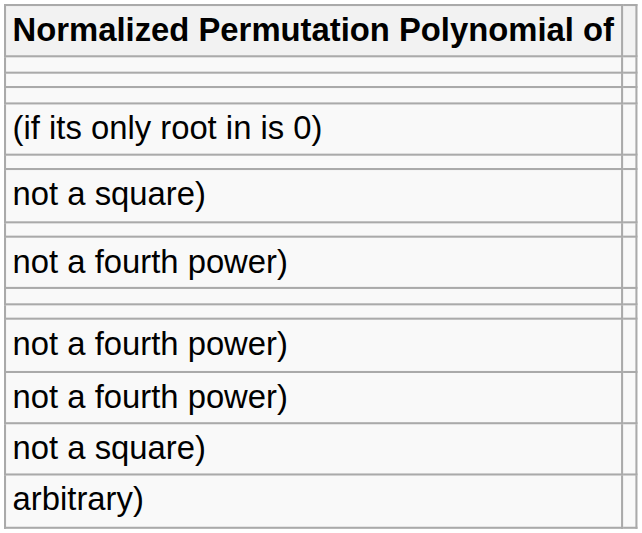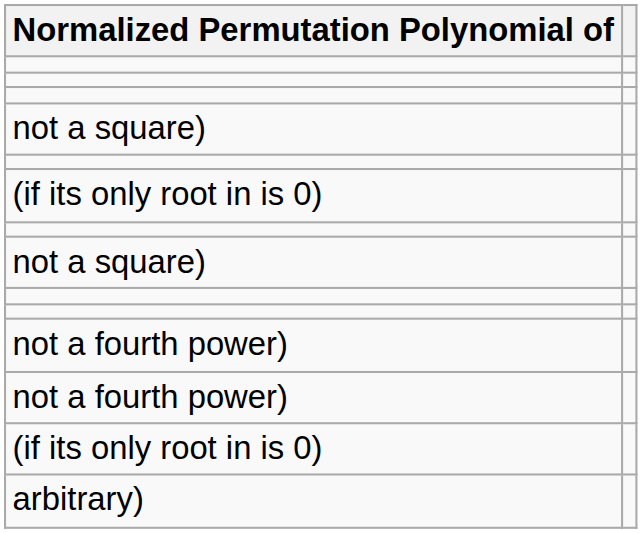 <table class="wikitable">
 <tr>
 <th>Normalized Permutation Polynomial of </th>
 <th></th>
 </tr>
 <tr>
 <td></td>
 <td></td>
 </tr>
 <tr>
 <td></td>
+<td></td>
+</tr>
+<tr>
+<td></td>
+<td></td>
+</tr>
+<tr>
+<td> not a square)</td>
 <td></td>
 </tr>
 <tr>
 <td></td>
 <td></td>
 </tr>
 <tr>
 <td> (if its only root in  is 0)</td>
 <td></td>
 </tr>
 <tr>
 <td></td>
 <td></td>
 </tr>
 <tr>
 <td> not a square)</td>
 <td></td>
 </tr>
 <tr>
 <td></td>
 <td></td>
 </tr>
 <tr>
-<td> not a fourth power)</td>
-<td></td>
-</tr>
-<tr>
-<td></td>
-<td></td>
-</tr>
-<tr>
 <td></td>
 <td></td>
 </tr>
 <tr>
 <td> not a fourth power)</td>
 <td></td>
 </tr>
 <tr>
 <td> not a fourth power)</td>
 <td></td>
 </tr>
 <tr>
-<td> not a square)</td>
+<td> (if its only root in  is 0)</td>
 <td></td>
 </tr>
 <tr>
 <td> arbitrary)</td>
 <td></td>
 </tr>
 </table>
